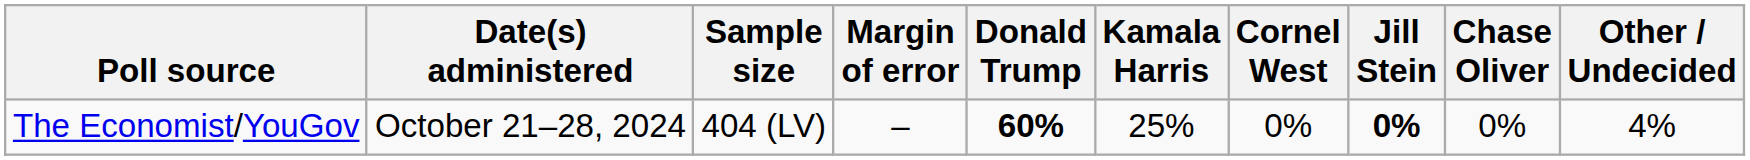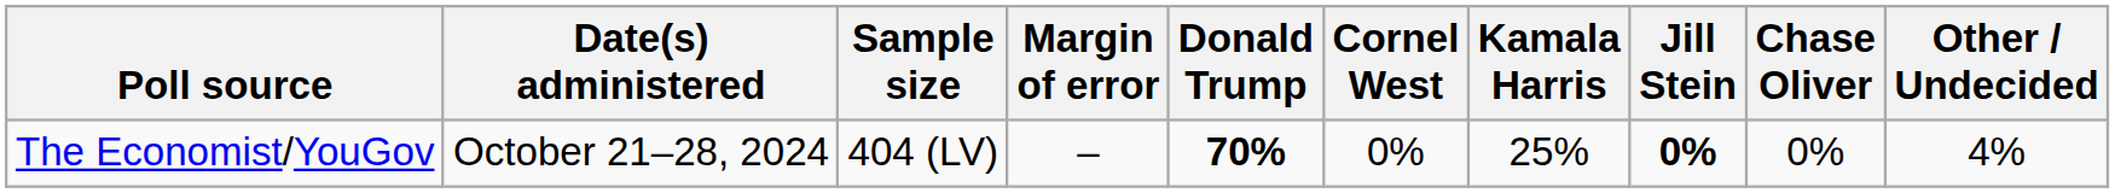 <table class="wikitable sortable mw-datatable" style="font-size:90%;text-align:center;line-height:17px">
 <tr valign=bottom>
 <th>Poll source</th>
 <th>Date(s)<br>administered</th>
 <th>Sample<br>size</th>
 <th>Margin<br>of error</th>
 <th class="unsortable">Donald<br>Trump<br></th>
+<th class="unsortable">Cornel<br>West<br></th>
 <th class="unsortable">Kamala<br>Harris<br></th>
-<th class="unsortable">Cornel<br>West<br></th>
 <th class="unsortable">Jill<br>Stein<br></th>
 <th class="unsortable">Chase<br>Oliver<br></th>
 <th class="unsortable">Other /<br>Undecided</th>
 </tr>
 <tr>
 <td style="text-align:left;"><a href='#'>The Economist</a>/<a href='#'>YouGov</a></td>
 <td data-sort-value="2024-10-28">October 21–28, 2024</td>
 <td>404 (LV)</td>
 <td>–</td>
-<td style="background-color:"><strong>60%</strong></td>
+<td style="background-color:"><strong>70%</strong></td>
+<td>0%</td>
 <td>25%</td>
-<td>0%</td>
 <td><strong>0%</strong></td>
 <td>0%</td>
 <td>4%</td>
 </tr>
 </table>
